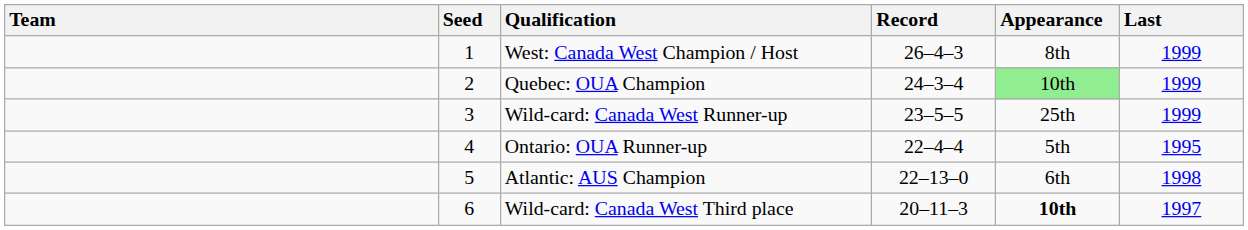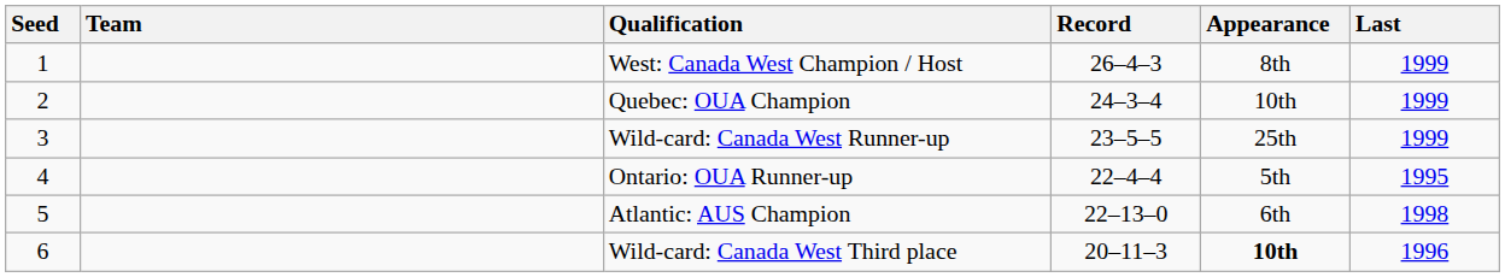 <table class="wikitable sortable" style="text-align: center;" width=1000>
 <tr style="background:#efefef; text-align:center">
+<th style="text-align:left" width=5%>Seed</th>
 <th style="text-align:left" width=35%>Team</th>
-<th style="text-align:left" width=5%>Seed</th>
 <th style="text-align:left" width=30%>Qualification</th>
 <th style="text-align:left" width=10%>Record</th>
 <th style="text-align:left" width=10%>Appearance</th>
 <th style="text-align:left" width=10%>Last</th>
 </tr>
 <tr style="text-align:center">
+<td style="text-align:center">1</td>
 <td style="text-align:left; "><a href='#'></a></td>
-<td style="text-align:center">1</td>
 <td style="text-align:left">West: <a href='#'>Canada West</a> Champion / Host</td>
 <td style="text-align:center">26–4–3</td>
 <td style="text-align:center">8th</td>
 <td style="text-align:center"><a href='#'>1999</a></td>
 </tr>
 <tr style="text-align:center">
+<td style="text-align:center">2</td>
 <td style="text-align:left; "><a href='#'></a></td>
-<td style="text-align:center">2</td>
 <td style="text-align:left">Quebec: <a href='#'>OUA</a> Champion</td>
 <td style="text-align:center">24–3–4</td>
-<td style="background: lightgreen; text-align:center">10th</td>
+<td style="text-align:center">10th</td>
 <td style="text-align:center"><a href='#'>1999</a></td>
 </tr>
 <tr style="text-align:center">
+<td style="text-align:center">3</td>
 <td style="text-align:left; "><a href='#'></a></td>
-<td style="text-align:center">3</td>
 <td style="text-align:left">Wild-card: <a href='#'>Canada West</a> Runner-up</td>
 <td style="text-align:center">23–5–5</td>
 <td style="text-align:center">25th</td>
 <td style="text-align:center"><a href='#'>1999</a></td>
 </tr>
 <tr style="text-align:center">
+<td style="text-align:center">4</td>
 <td style="text-align:left; "><a href='#'></a></td>
-<td style="text-align:center">4</td>
 <td style="text-align:left">Ontario: <a href='#'>OUA</a> Runner-up</td>
 <td style="text-align:center">22–4–4</td>
 <td style="text-align:center">5th</td>
 <td style="text-align:center"><a href='#'>1995</a></td>
 </tr>
 <tr style="text-align:center">
+<td style="text-align:center">5</td>
 <td style="text-align:left; "><a href='#'></a></td>
-<td style="text-align:center">5</td>
 <td style="text-align:left">Atlantic: <a href='#'>AUS</a> Champion</td>
 <td style="text-align:center">22–13–0</td>
 <td style="text-align:center">6th</td>
 <td style="text-align:center"><a href='#'>1998</a></td>
 </tr>
 <tr style="text-align:center">
+<td style="text-align:center">6</td>
 <td style="text-align:left; "><a href='#'></a></td>
-<td style="text-align:center">6</td>
 <td style="text-align:left">Wild-card: <a href='#'>Canada West</a> Third place</td>
 <td style="text-align:center">20–11–3</td>
 <td style="text-align:center"><strong>10th</strong></td>
-<td style="text-align:center"><a href='#'>1997</a></td>
+<td style="text-align:center"><a href='#'>1996</a></td>
 </tr>
 </table>
